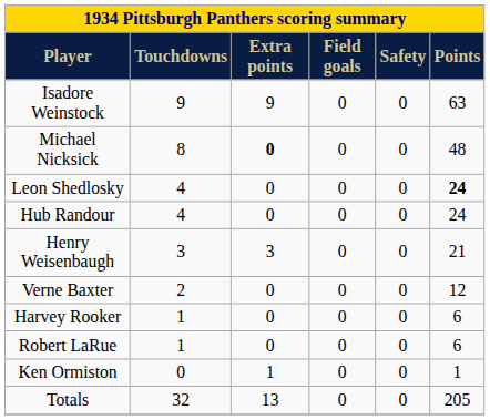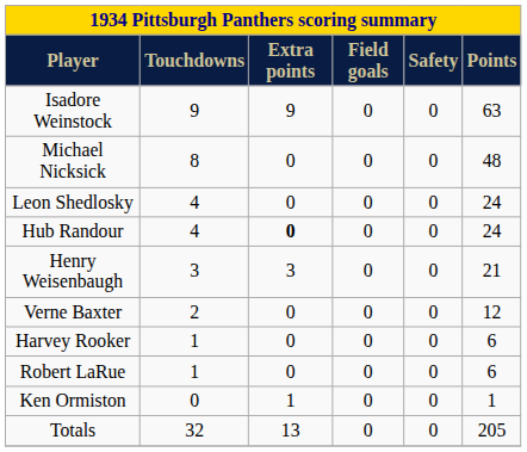 <table class="wikitable" width="35%">
 <tr>
 <th colspan="10" style="background:gold; color:darkblue; text-align: center;"><strong>1934 Pittsburgh Panthers scoring summary</strong></th>
 </tr>
 <tr align="center"  style="background:#091C44;color:#CEC499;">
 <td><strong>Player</strong></td>
 <td><strong>Touchdowns</strong></td>
 <td><strong>Extra points</strong></td>
 <td><strong>Field goals</strong></td>
 <td><strong>Safety</strong></td>
 <td><strong>Points</strong></td>
 </tr>
 <tr align="center" bgcolor="">
 <td>Isadore Weinstock</td>
 <td>9</td>
 <td>9</td>
 <td>0</td>
 <td>0</td>
 <td>63</td>
 </tr>
 <tr align="center" bgcolor="">
 <td>Michael Nicksick</td>
 <td>8</td>
-<td><strong>0</strong></td>
+<td>0</td>
 <td>0</td>
 <td>0</td>
 <td>48</td>
 </tr>
 <tr align="center" bgcolor="">
 <td>Leon Shedlosky</td>
 <td>4</td>
 <td>0</td>
 <td>0</td>
 <td>0</td>
-<td><strong>24</strong></td>
+<td>24</td>
 </tr>
 <tr align="center" bgcolor="">
 <td>Hub Randour</td>
 <td>4</td>
-<td>0</td>
+<td><strong>0</strong></td>
 <td>0</td>
 <td>0</td>
 <td>24</td>
 </tr>
 <tr align="center" bgcolor="">
 <td>Henry Weisenbaugh</td>
 <td>3</td>
 <td>3</td>
 <td>0</td>
 <td>0</td>
 <td>21</td>
 </tr>
 <tr align="center" bgcolor="">
 <td>Verne Baxter</td>
 <td>2</td>
 <td>0</td>
 <td>0</td>
 <td>0</td>
 <td>12</td>
 </tr>
 <tr align="center" bgcolor="">
 <td>Harvey Rooker</td>
 <td>1</td>
 <td>0</td>
 <td>0</td>
 <td>0</td>
 <td>6</td>
 </tr>
 <tr align="center" bgcolor="">
 <td>Robert LaRue</td>
 <td>1</td>
 <td>0</td>
 <td>0</td>
 <td>0</td>
 <td>6</td>
 </tr>
 <tr align="center" bgcolor="">
 <td>Ken Ormiston</td>
 <td>0</td>
 <td>1</td>
 <td>0</td>
 <td>0</td>
 <td>1</td>
 </tr>
 <tr align="center" bgcolor="">
 <td>Totals</td>
 <td>32</td>
 <td>13</td>
 <td>0</td>
 <td>0</td>
 <td>205</td>
 </tr>
 <tr align="center" bgcolor="">
 </tr>
 </table>
